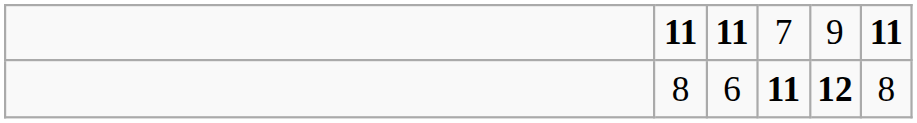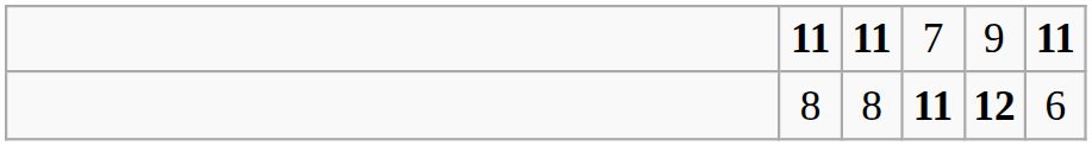 <table class="wikitable">
 <tr>
 <td style="width:18em"><strong></strong></td>
 <td align=center style="width:1em"><strong>11</strong></td>
 <td align=center style="width:1em"><strong>11</strong></td>
 <td align=center style="width:1em">7</td>
 <td align=center style="width:1em">9</td>
 <td align=center style="width:1em"><strong>11</strong></td>
 </tr>
 <tr>
 <td style="width:18em"></td>
 <td align=center style="width:1em">8</td>
-<td align=center style="width:1em">6</td>
+<td align=center style="width:1em">8</td>
 <td align=center style="width:1em"><strong>11</strong></td>
 <td align=center style="width:1em"><strong>12</strong></td>
-<td align=center style="width:1em">8</td>
+<td align=center style="width:1em">6</td>
 </tr>
 </table>
